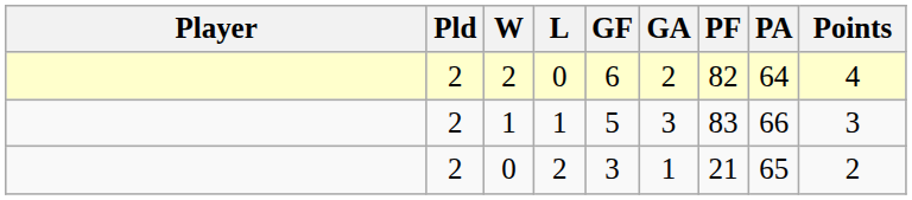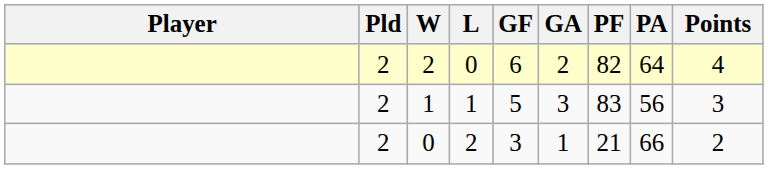 <table class=wikitable style="text-align:center;">
 <tr>
 <th width=220>Player</th>
 <th width=20>Pld</th>
 <th width=20>W</th>
 <th width=20>L</th>
 <th width=20>GF</th>
 <th width=20>GA</th>
 <th width=20>PF</th>
 <th width=20>PA</th>
 <th width=50>Points</th>
 </tr>
 <tr bgcolor=#ffffcc>
 <td style="text-align:left;"></td>
 <td>2</td>
 <td>2</td>
 <td>0</td>
 <td>6</td>
 <td>2</td>
 <td>82</td>
 <td>64</td>
 <td>4</td>
 </tr>
 <tr>
 <td style="text-align:left;"></td>
 <td>2</td>
 <td>1</td>
 <td>1</td>
 <td>5</td>
 <td>3</td>
 <td>83</td>
-<td>66</td>
+<td>56</td>
 <td>3</td>
 </tr>
 <tr>
 <td style="text-align:left;"></td>
 <td>2</td>
 <td>0</td>
 <td>2</td>
 <td>3</td>
 <td>1</td>
 <td>21</td>
-<td>65</td>
+<td>66</td>
 <td>2</td>
 </tr>
 </table>
